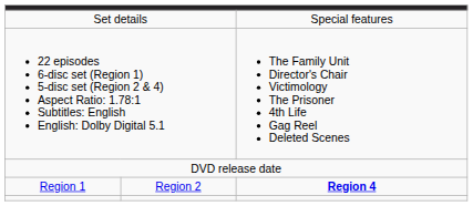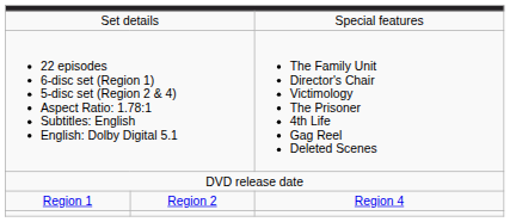 <table class="wikitable" style="font-size: 95%;">
 <tr style="background:#242124">
 <td colspan="4" style="text-align:center;"></td>
 </tr>
 <tr style="text-align:center;">
 <td style="width:300px;" colspan="2">Set details</td>
 <td style="width:300px;" colspan="2">Special features</td>
 </tr>
 <tr valign="top">
 <td colspan="2"  style="text-align:left; width:300px;"><br><ul><li>22 episodes</li><li>6-disc set (Region 1)</li><li>5-disc set (Region 2 & 4)</li><li>Aspect Ratio: 1.78:1</li><li>Subtitles: English</li><li>English: Dolby Digital 5.1</li></ul></td>
 <td colspan="3" style="text-align:left; width:300px;"><br><ul><li>The Family Unit</li><li>Director's Chair</li><li>Victimology</li><li>The Prisoner</li><li>4th Life</li><li>Gag Reel</li><li>Deleted Scenes</li></ul></td>
 </tr>
 <tr>
 <td colspan="3" style="text-align:center;">DVD release date</td>
 </tr>
 <tr style="text-align:center;">
 <td><a href='#'>Region 1</a></td>
 <td><a href='#'>Region 2</a></td>
-<td><strong><a href='#'>Region 4</a></strong></td>
+<td><a href='#'>Region 4</a></td>
 </tr>
 <tr style="text-align:center;">
 <td></td>
 <td></td>
 <td></td>
 </tr>
 </table>
